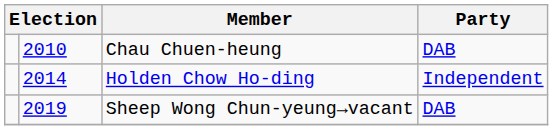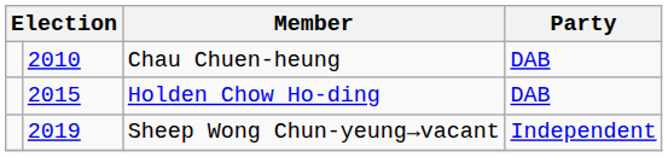 <table class="wikitable">
 <tr>
 <th colspan="2">Election</th>
 <th>Member</th>
 <th>Party</th>
 </tr>
 <tr>
 <td style="background-color: "></td>
 <td><a href='#'>2010</a></td>
 <td>Chau Chuen-heung</td>
 <td><a href='#'>DAB</a></td>
 </tr>
 <tr>
 <td style="background-color: "></td>
-<td><a href='#'>2014</a></td>
+<td><a href='#'>2015</a></td>
 <td><a href='#'>Holden Chow Ho-ding</a></td>
-<td><a href='#'>Independent</a></td>
+<td><a href='#'>DAB</a></td>
 </tr>
 <tr>
 <td style="background-color: "></td>
 <td><a href='#'>2019</a></td>
 <td>Sheep Wong Chun-yeung→vacant</td>
-<td><a href='#'>DAB</a></td>
+<td><a href='#'>Independent</a></td>
 </tr>
 <tr>
 </tr>
 </table>
